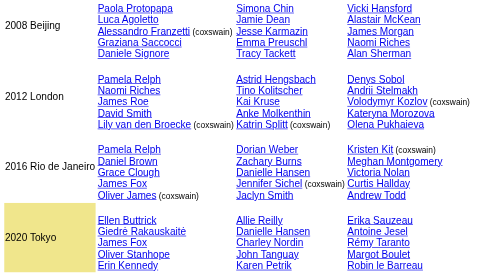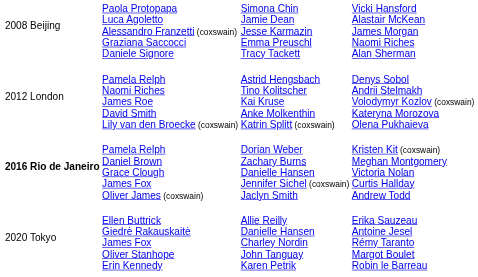 <table>
 <tr>
 <td>2008 Beijing <br></td>
 <td><br><a href='#'>Paola Protopapa</a><br><a href='#'>Luca Agoletto</a><br><a href='#'>Alessandro Franzetti</a><small> (coxswain)</small><br><a href='#'>Graziana Saccocci</a><br><a href='#'>Daniele Signore</a></td>
 <td><br><a href='#'>Simona Chin</a><br><a href='#'>Jamie Dean</a><br><a href='#'>Jesse Karmazin</a><br><a href='#'>Emma Preuschl</a><br><a href='#'>Tracy Tackett</a></td>
 <td><br><a href='#'>Vicki Hansford</a><br><a href='#'>Alastair McKean</a><br><a href='#'>James Morgan</a><br><a href='#'>Naomi Riches</a><br><a href='#'>Alan Sherman</a></td>
 </tr>
 <tr>
 <td>2012 London <br></td>
 <td><br><a href='#'>Pamela Relph</a><br><a href='#'>Naomi Riches</a><br><a href='#'>James Roe</a><br><a href='#'>David Smith</a><br><a href='#'>Lily van den Broecke</a><small> (coxswain)</small></td>
 <td><br><a href='#'>Astrid Hengsbach</a><br><a href='#'>Tino Kolitscher</a><br><a href='#'>Kai Kruse</a><br><a href='#'>Anke Molkenthin</a><br><a href='#'>Katrin Splitt</a><small> (coxswain)</small></td>
 <td><br><a href='#'>Denys Sobol</a><br><a href='#'>Andrii Stelmakh</a><br><a href='#'>Volodymyr Kozlov</a><small> (coxswain)</small><br><a href='#'>Kateryna Morozova</a><br><a href='#'>Olena Pukhaieva</a></td>
 </tr>
 <tr>
-<td>2016 Rio de Janeiro <br></td>
+<td><strong>2016 Rio de Janeiro <br></strong></td>
 <td><br><a href='#'>Pamela Relph</a><br><a href='#'>Daniel Brown</a><br><a href='#'>Grace Clough</a><br><a href='#'>James Fox</a><br><a href='#'>Oliver James</a><small> (coxswain)</small></td>
 <td><br><a href='#'>Dorian Weber</a><br><a href='#'>Zachary Burns</a><br><a href='#'>Danielle Hansen</a><br><a href='#'>Jennifer Sichel</a><small> (coxswain)</small><br><a href='#'>Jaclyn Smith</a></td>
 <td><br><a href='#'>Kristen Kit</a><small> (coxswain)</small><br><a href='#'>Meghan Montgomery</a><br><a href='#'>Victoria Nolan</a><br><a href='#'>Curtis Hallday</a><br><a href='#'>Andrew Todd</a></td>
 </tr>
 <tr>
-<td style="background: khaki;">2020 Tokyo<br></td>
+<td>2020 Tokyo<br></td>
 <td nowrap><br><a href='#'>Ellen Buttrick</a><br><a href='#'>Giedrė Rakauskaitė</a><br><a href='#'>James Fox</a><br><a href='#'>Oliver Stanhope</a><br><a href='#'>Erin Kennedy</a></td>
 <td><br><a href='#'>Allie Reilly</a><br><a href='#'>Danielle Hansen</a><br><a href='#'>Charley Nordin</a><br><a href='#'>John Tanguay</a><br><a href='#'>Karen Petrik</a></td>
 <td nowrap><br><a href='#'>Erika Sauzeau</a><br><a href='#'>Antoine Jesel</a><br><a href='#'>Rémy Taranto</a><br><a href='#'>Margot Boulet</a><br><a href='#'>Robin le Barreau</a></td>
 </tr>
 </table>
